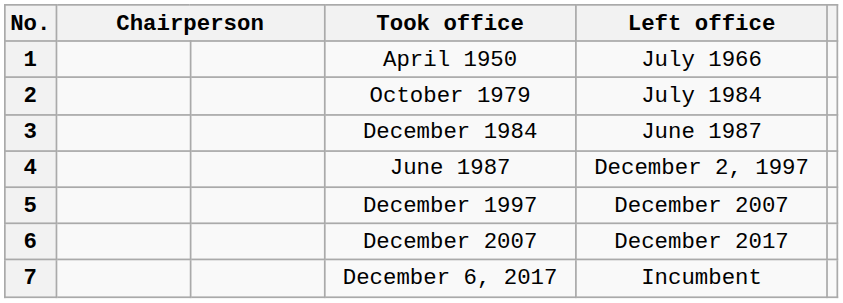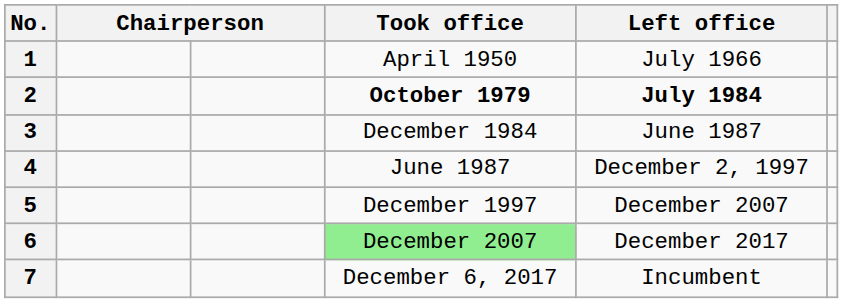 <table class="wikitable" style="text-align: center; border-collapse: collapse;">
 <tr>
 <th>No.</th>
 <th colspan="2" width="150">Chairperson</th>
 <th align="center" width="140">Took office</th>
 <th align="center" width="140">Left office</th>
 <th></th>
 </tr>
 <tr>
 <th><strong>1</strong></th>
 <td align="center"></td>
 <td align="center"><br></td>
 <td align="center">April 1950</td>
 <td align="center">July 1966</td>
 <td></td>
 </tr>
 <tr>
 <th><strong>2</strong></th>
 <td align="center"></td>
 <td align="center"><br></td>
-<td align="center">October 1979</td>
-<td align="center">July 1984</td>
+<td align="center"><strong>October 1979</strong></td>
+<td align="center"><strong>July 1984</strong></td>
 <td></td>
 </tr>
 <tr>
 <th><strong>3</strong></th>
 <td align="center"></td>
 <td align="center"><br></td>
 <td align="center">December 1984</td>
 <td align="center">June 1987</td>
 <td></td>
 </tr>
 <tr>
 <th><strong>4</strong></th>
 <td align="center"></td>
 <td align="center"><br></td>
 <td align="center">June 1987</td>
 <td align="center">December 2, 1997</td>
 <td></td>
 </tr>
 <tr>
 <th><strong>5</strong></th>
 <td></td>
 <td><br></td>
 <td>December 1997</td>
 <td>December 2007</td>
 <td></td>
 </tr>
 <tr>
 <th>6</th>
 <td></td>
 <td><br></td>
-<td>December 2007</td>
+<td style="background: lightgreen;">December 2007</td>
 <td>December 2017</td>
 <td></td>
 </tr>
 <tr>
 <th>7</th>
 <td></td>
 <td><br></td>
 <td>December 6, 2017</td>
 <td>Incumbent</td>
 <td></td>
 </tr>
 </table>
